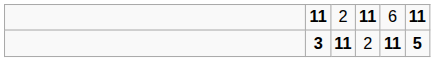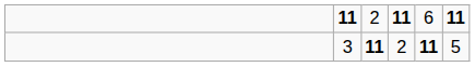 <table class="wikitable">
 <tr>
 <td style="width:18em"><strong></strong></td>
 <td align=center style="width:1em"><strong>11</strong></td>
 <td align=center style="width:1em">2</td>
 <td align=center style="width:1em"><strong>11</strong></td>
 <td align=center style="width:1em">6</td>
 <td align=center style="width:1em"><strong>11</strong></td>
 </tr>
 <tr>
 <td style="width:18em"></td>
-<td align=center style="width:1em"><strong>3</strong></td>
+<td align=center style="width:1em">3</td>
 <td align=center style="width:1em"><strong>11</strong></td>
 <td align=center style="width:1em">2</td>
 <td align=center style="width:1em"><strong>11</strong></td>
-<td align=center style="width:1em"><strong>5</strong></td>
+<td align=center style="width:1em">5</td>
 </tr>
 </table>
